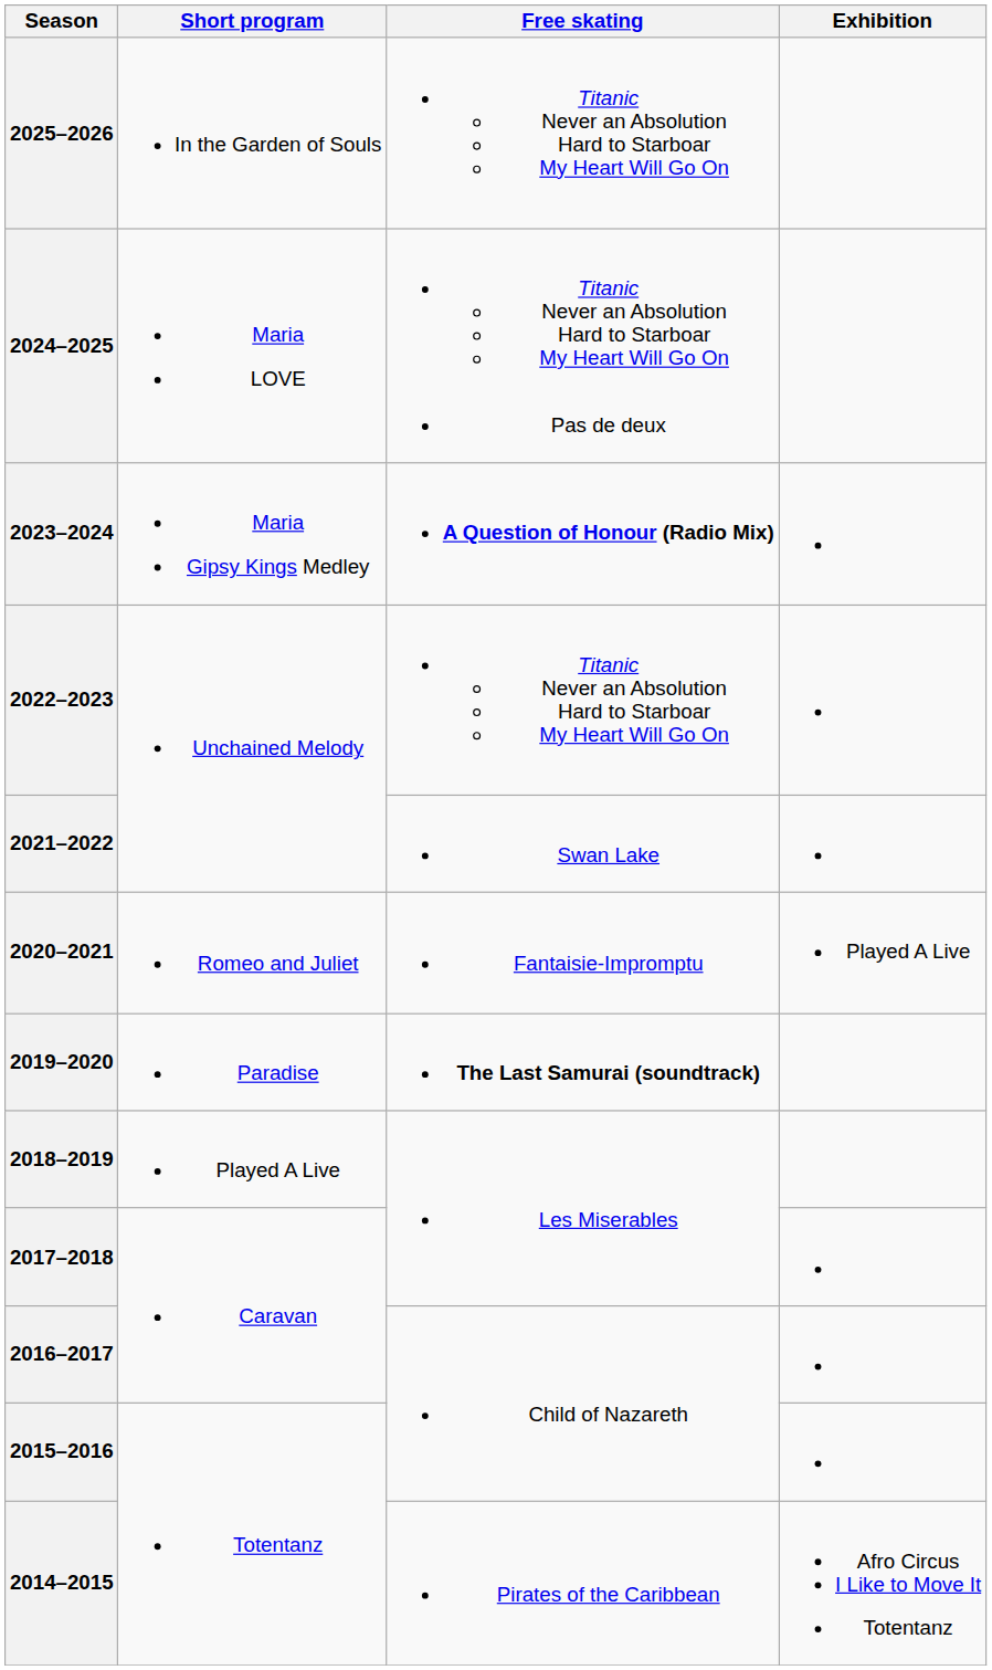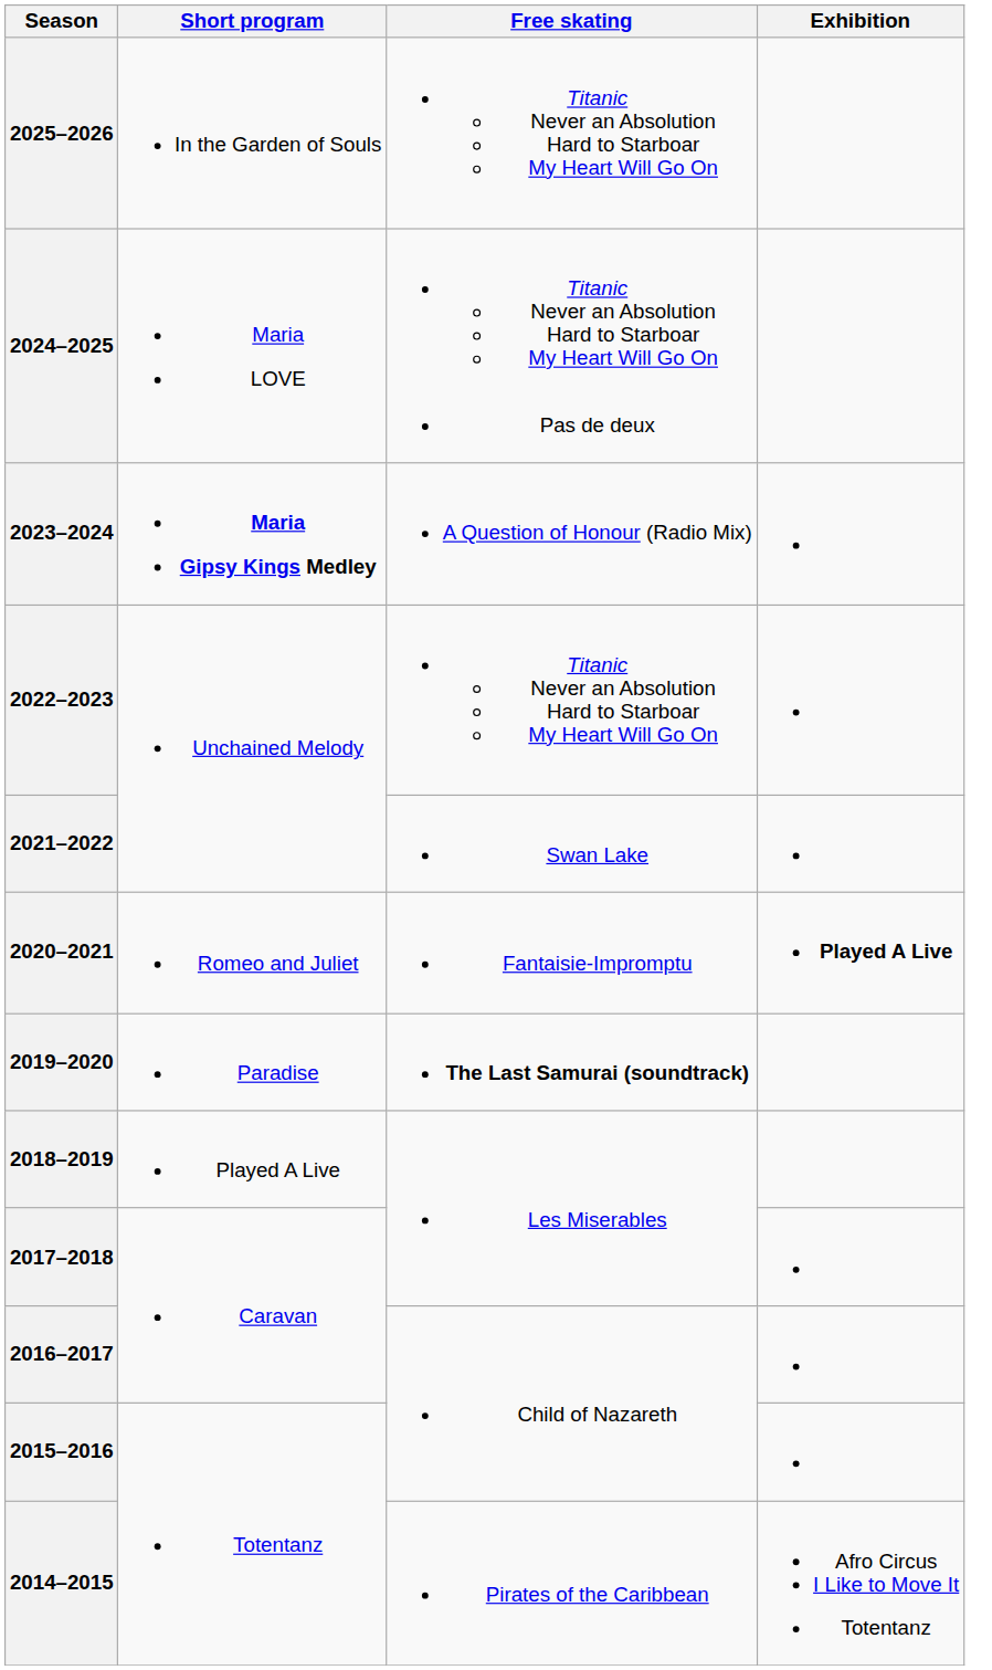 <table class=wikitable style=text-align:center>
 <tr>
 <th>Season</th>
 <th><a href='#'>Short program</a></th>
 <th><a href='#'>Free skating</a></th>
 <th>Exhibition</th>
 </tr>
 <tr>
 <th>2025–2026 <br> </th>
 <td><br><ul><li>In the Garden of Souls <br> </li></ul></td>
 <td><br><ul><li><em><a href='#'>Titanic</a></em><ul><li>Never an Absolution</li><li>Hard to Starboar</li><li><a href='#'>My Heart Will Go On</a> <br><br></li></ul></li></ul></td>
 <td></td>
 </tr>
 <tr>
 <th>2024–2025 <br> </th>
 <td><br><ul><li><a href='#'>Maria</a> <br> </li></ul><ul><li>LOVE <br> </li></ul></td>
 <td><br><ul><li><em><a href='#'>Titanic</a></em><ul><li>Never an Absolution</li><li>Hard to Starboar</li><li><a href='#'>My Heart Will Go On</a> <br><br></li></ul></li></ul><ul><li>Pas de deux <br> </li></ul></td>
 <td></td>
 </tr>
 <tr>
 <th>2023–2024 <br> </th>
-<td><br><ul><li><a href='#'>Maria</a> <br> </li></ul><ul><li><a href='#'>Gipsy Kings</a> Medley <br> </li></ul></td>
-<td><strong><br><ul><li><a href='#'>A Question of Honour</a> (Radio Mix) <br><br></li></ul></strong></td>
+<td><strong><br><ul><li><a href='#'>Maria</a> <br> </li></ul><ul><li><a href='#'>Gipsy Kings</a> Medley <br> </li></ul></strong></td>
+<td><br><ul><li><a href='#'>A Question of Honour</a> (Radio Mix) <br><br></li></ul></td>
 <td><br><ul><li></li></ul></td>
 </tr>
 <tr>
 <th>2022–2023 <br> </th>
 <td rowspan=2><br><ul><li><a href='#'>Unchained Melody</a><br><br></li></ul></td>
 <td><br><ul><li><em><a href='#'>Titanic</a></em><ul><li>Never an Absolution</li><li>Hard to Starboar</li><li><a href='#'>My Heart Will Go On</a> <br><br></li></ul></li></ul></td>
 <td><br><ul><li></li></ul></td>
 </tr>
 <tr>
 <th>2021–2022 <br> </th>
 <td><br><ul><li><a href='#'>Swan Lake</a> <br></li></ul></td>
 <td><br><ul><li></li></ul></td>
 </tr>
 <tr>
 <th>2020–2021 <br> </th>
 <td><br><ul><li><a href='#'>Romeo and Juliet</a><br></li></ul></td>
 <td><br><ul><li><a href='#'>Fantaisie-Impromptu</a> <br></li></ul></td>
-<td><br><ul><li>Played A Live<br><br></li></ul></td>
+<td><strong><br><ul><li>Played A Live<br><br></li></ul></strong></td>
 </tr>
 <tr>
 <th>2019–2020 <br></th>
 <td><br><ul><li><a href='#'>Paradise</a><br></li></ul></td>
 <td><strong><br><ul><li>The Last Samurai (soundtrack)<br></li></ul></strong></td>
 <td></td>
 </tr>
 <tr>
 <th>2018–2019<br></th>
 <td><br><ul><li>Played A Live<br></li></ul></td>
 <td rowspan=2><br><ul><li><a href='#'>Les Miserables</a> <br></li></ul></td>
 <td></td>
 </tr>
 <tr>
 <th>2017–2018 <br></th>
 <td rowspan=2><br><ul><li><a href='#'>Caravan</a><br></li></ul></td>
 <td><br><ul><li></li></ul></td>
 </tr>
 <tr>
 <th>2016–2017 <br></th>
 <td rowspan=2><br><ul><li>Child of Nazareth <br></li></ul></td>
 <td><br><ul><li></li></ul></td>
 </tr>
 <tr>
 <th>2015–2016 <br></th>
 <td rowspan=2><br><ul><li><a href='#'>Totentanz</a> <br></li></ul></td>
 <td><br><ul><li></li></ul></td>
 </tr>
 <tr>
 <th>2014–2015</th>
 <td><br><ul><li><a href='#'>Pirates of the Caribbean</a> <br> </li></ul></td>
 <td><br><ul><li>Afro Circus</li><li><a href='#'>I Like to Move It</a> <br></li></ul><ul><li>Totentanz <br></li></ul></td>
 </tr>
 </table>
